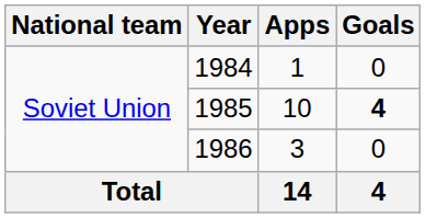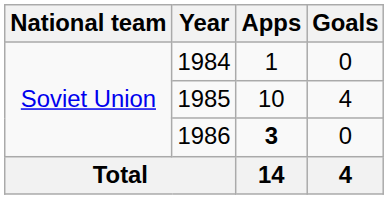 <table class="wikitable" style="text-align: center;">
 <tr>
 <th>National team</th>
 <th>Year</th>
 <th>Apps</th>
 <th>Goals</th>
 </tr>
 <tr>
 <td rowspan="3"><a href='#'>Soviet Union</a></td>
 <td>1984</td>
 <td>1</td>
 <td>0</td>
 </tr>
 <tr>
 <td>1985</td>
 <td>10</td>
-<td><strong>4</strong></td>
+<td>4</td>
 </tr>
 <tr>
 <td>1986</td>
-<td>3</td>
+<td><strong>3</strong></td>
 <td>0</td>
 </tr>
 <tr>
 <th colspan="2">Total</th>
 <th>14</th>
 <th>4</th>
 </tr>
 </table>
